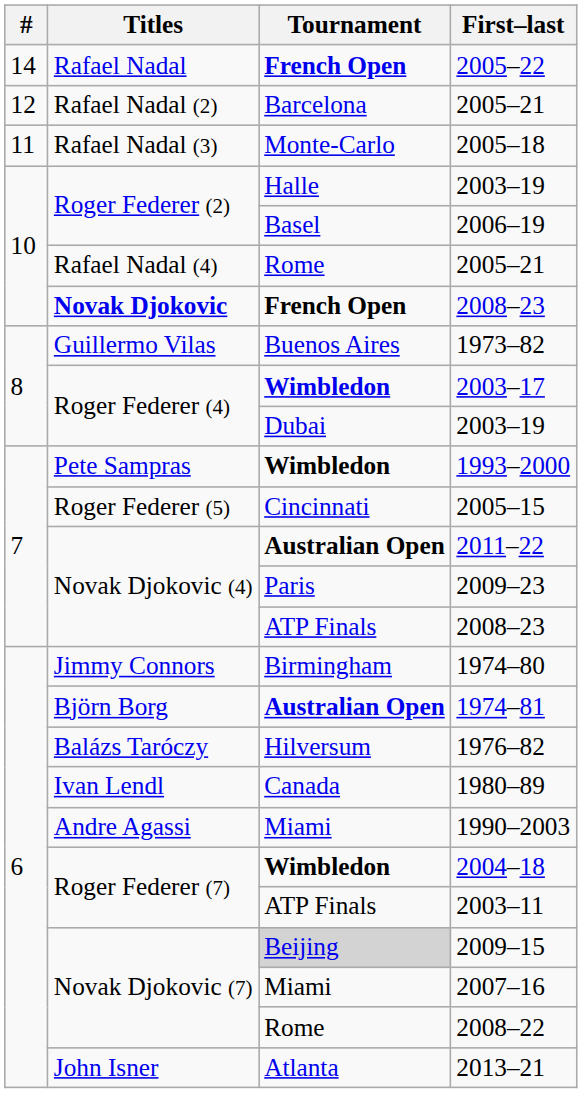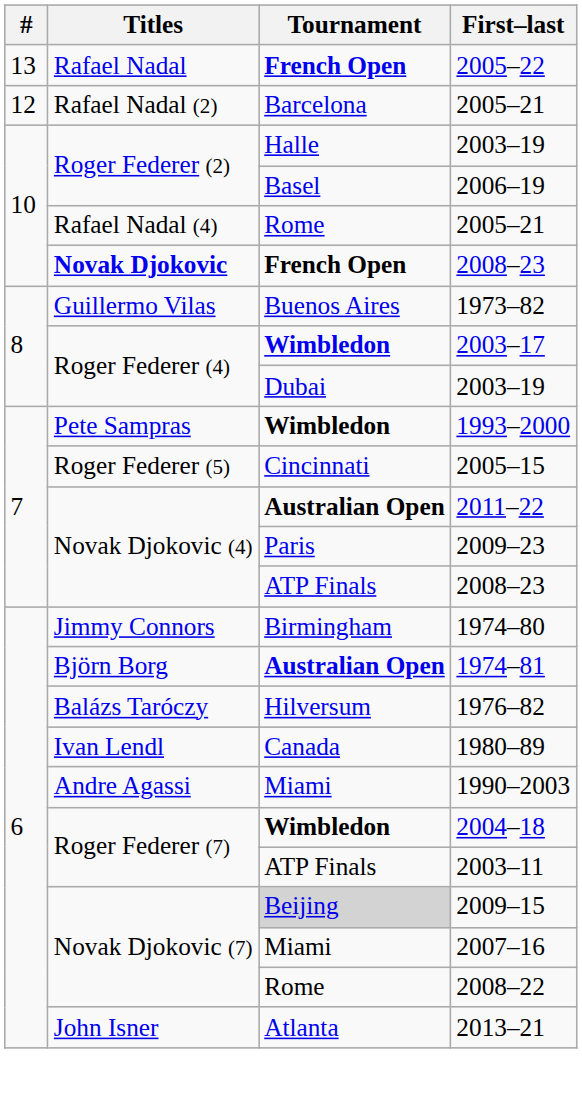 <table class="wikitable" style="display:inline-table;">
 <tr>
 <th width=20>#</th>
 <th>Titles</th>
 <th>Tournament</th>
 <th>First–last</th>
 </tr>
 <tr>
-<td>14</td>
+<td>13</td>
 <td> <a href='#'>Rafael Nadal</a></td>
 <td><strong><a href='#'>French Open</a></strong></td>
 <td><a href='#'>2005</a>–<a href='#'>22</a></td>
 </tr>
 <tr>
 <td>12</td>
 <td> Rafael Nadal <small>(2)</small></td>
 <td><a href='#'>Barcelona</a></td>
 <td>2005–21</td>
-</tr>
-<tr>
-<td>11</td>
-<td> Rafael Nadal <small>(3)</small></td>
-<td><a href='#'>Monte-Carlo</a></td>
-<td>2005–18</td>
 </tr>
 <tr>
 <td rowspan=4>10</td>
 <td rowspan="2"> <a href='#'>Roger Federer</a> <small>(2)</small></td>
 <td><a href='#'>Halle</a></td>
 <td>2003–19</td>
 </tr>
 <tr>
 <td><a href='#'>Basel</a></td>
 <td>2006–19</td>
 </tr>
 <tr>
 <td> Rafael Nadal <small>(4)</small></td>
 <td><a href='#'>Rome</a></td>
 <td>2005–21</td>
 </tr>
 <tr>
 <td> <strong><a href='#'>Novak Djokovic</a></strong></td>
 <td><strong>French Open</strong></td>
 <td><a href='#'>2008</a>–<a href='#'>23</a></td>
 </tr>
 <tr>
 <td rowspan=3>8</td>
 <td> <a href='#'>Guillermo Vilas</a></td>
 <td><a href='#'>Buenos Aires</a></td>
 <td>1973–82</td>
 </tr>
 <tr>
 <td rowspan="2"> Roger Federer <small>(4)</small></td>
 <td><strong><a href='#'>Wimbledon</a></strong></td>
 <td><a href='#'>2003</a>–<a href='#'>17</a></td>
 </tr>
 <tr>
 <td><a href='#'>Dubai</a></td>
 <td>2003–19</td>
 </tr>
 <tr>
 <td rowspan="5">7</td>
 <td> <a href='#'>Pete Sampras</a></td>
 <td><strong>Wimbledon</strong></td>
 <td><a href='#'>1993</a>–<a href='#'>2000</a></td>
 </tr>
 <tr>
 <td> Roger Federer <small>(5)</small></td>
 <td><a href='#'>Cincinnati</a></td>
 <td>2005–15</td>
 </tr>
 <tr>
 <td rowspan="3"> Novak Djokovic <small>(4)</small></td>
 <td><strong>Australian Open</strong></td>
 <td><a href='#'>2011</a>–<a href='#'>22</a></td>
 </tr>
 <tr>
 <td><a href='#'>Paris</a></td>
 <td>2009–23</td>
 </tr>
 <tr>
 <td><a href='#'>ATP Finals</a></td>
 <td>2008–23</td>
 </tr>
 <tr>
 <td rowspan="11">6</td>
 <td> <a href='#'>Jimmy Connors</a></td>
 <td><a href='#'>Birmingham</a></td>
 <td>1974–80</td>
 </tr>
 <tr>
 <td> <a href='#'>Björn Borg</a></td>
 <td><strong><a href='#'>Australian Open</a></strong></td>
 <td><a href='#'>1974</a>–<a href='#'>81</a></td>
 </tr>
 <tr>
 <td> <a href='#'>Balázs Taróczy</a></td>
 <td><a href='#'>Hilversum</a></td>
 <td>1976–82</td>
 </tr>
 <tr>
 <td> <a href='#'>Ivan Lendl</a></td>
 <td><a href='#'>Canada</a></td>
 <td>1980–89</td>
 </tr>
 <tr>
 <td> <a href='#'>Andre Agassi</a></td>
 <td><a href='#'>Miami</a></td>
 <td>1990–2003</td>
 </tr>
 <tr>
 <td rowspan="2"> Roger Federer <small>(7)</small></td>
 <td><strong>Wimbledon</strong></td>
 <td><a href='#'>2004</a>–<a href='#'>18</a></td>
 </tr>
 <tr>
 <td>ATP Finals</td>
 <td>2003–11</td>
 </tr>
 <tr>
 <td rowspan="3"> Novak Djokovic <small>(7)</small></td>
 <td style="background: lightgrey;"><a href='#'>Beijing</a></td>
 <td>2009–15</td>
 </tr>
 <tr>
 <td>Miami</td>
 <td>2007–16</td>
 </tr>
 <tr>
 <td>Rome</td>
 <td>2008–22</td>
 </tr>
 <tr>
 <td> <a href='#'>John Isner</a></td>
 <td><a href='#'>Atlanta</a></td>
 <td>2013–21</td>
 </tr>
 </table>
